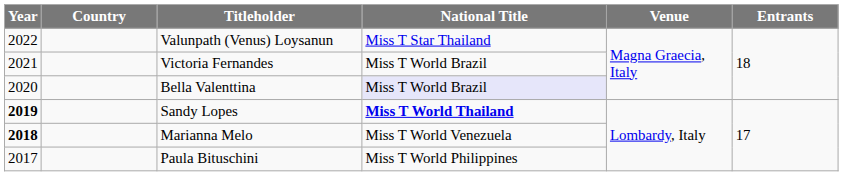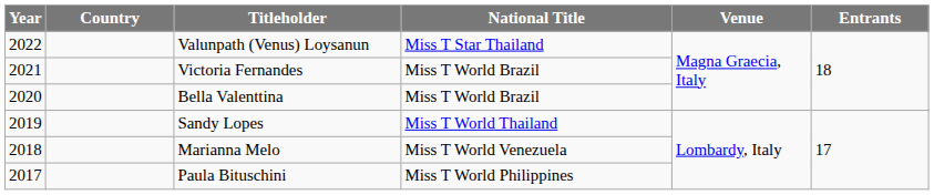 <table class="wikitable sortable" style="font-size: 94%;">
 <tr>
 <th width="30" style="background-color:#787878;color:#FFFFFF;">Year</th>
 <th width="110" style="background-color:#787878;color:#FFFFFF;">Country</th>
 <th width="200" style="background-color:#787878;color:#FFFFFF;">Titleholder</th>
 <th width="240" style="background-color:#787878;color:#FFFFFF;">National Title</th>
 <th width="120" style="background-color:#787878;color:#FFFFFF;">Venue</th>
 <th width="100" style="background-color:#787878;color:#FFFFFF;">Entrants</th>
 </tr>
 <tr>
 <td>2022</td>
 <td></td>
 <td>Valunpath (Venus) Loysanun</td>
 <td><a href='#'>Miss T Star Thailand</a></td>
 <td rowspan="3"><a href='#'>Magna Graecia</a>, <a href='#'>Italy</a></td>
 <td rowspan="3">18</td>
 </tr>
 <tr>
 <td>2021</td>
 <td></td>
 <td>Victoria Fernandes</td>
 <td>Miss T World Brazil</td>
 </tr>
 <tr>
 <td>2020</td>
 <td></td>
 <td>Bella Valenttina</td>
-<td style="background: lavender;">Miss T World Brazil</td>
+<td>Miss T World Brazil</td>
 </tr>
 <tr>
-<td><strong>2019</strong></td>
+<td>2019</td>
 <td></td>
 <td>Sandy Lopes</td>
-<td><strong><a href='#'>Miss T World Thailand</a></strong></td>
+<td><a href='#'>Miss T World Thailand</a></td>
 <td rowspan="3"><a href='#'>Lombardy</a>, Italy</td>
 <td rowspan="3">17</td>
 </tr>
 <tr>
-<td><strong>2018</strong></td>
+<td>2018</td>
 <td></td>
 <td>Marianna Melo</td>
 <td>Miss T World Venezuela</td>
 </tr>
 <tr>
 <td>2017</td>
 <td></td>
 <td>Paula Bituschini</td>
 <td>Miss T World Philippines</td>
 </tr>
 </table>
